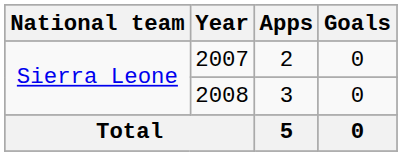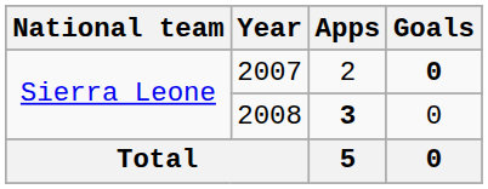 <table class="wikitable" style="text-align: center;">
 <tr>
 <th>National team</th>
 <th>Year</th>
 <th>Apps</th>
 <th>Goals</th>
 </tr>
 <tr>
 <td rowspan="2"><a href='#'>Sierra Leone</a></td>
 <td>2007</td>
 <td>2</td>
-<td>0</td>
+<td><strong>0</strong></td>
 </tr>
 <tr>
 <td>2008</td>
-<td>3</td>
+<td><strong>3</strong></td>
 <td>0</td>
 </tr>
 <tr>
 <th colspan="2">Total</th>
 <th>5</th>
 <th>0</th>
 </tr>
 </table>
